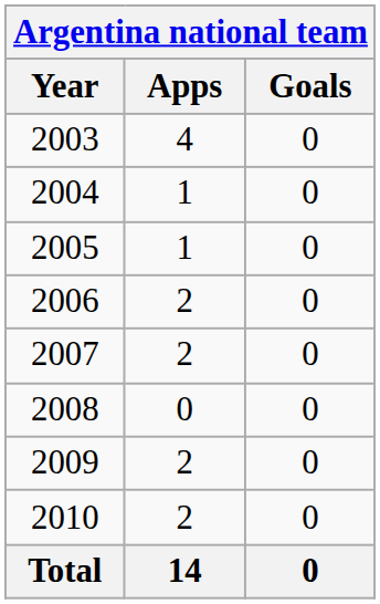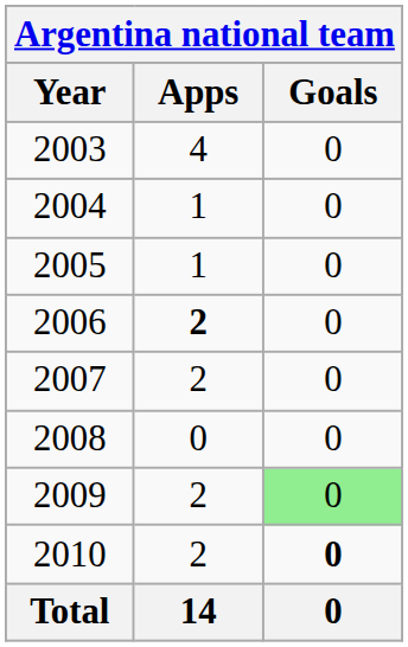 <table class="wikitable" style="text-align:center">
 <tr>
 <th colspan=3><a href='#'>Argentina national team</a></th>
 </tr>
 <tr>
 <th>Year</th>
 <th>Apps</th>
 <th>Goals</th>
 </tr>
 <tr>
 <td>2003</td>
 <td>4</td>
 <td>0</td>
 </tr>
 <tr>
 <td>2004</td>
 <td>1</td>
 <td>0</td>
 </tr>
 <tr>
 <td>2005</td>
 <td>1</td>
 <td>0</td>
 </tr>
 <tr>
 <td>2006</td>
-<td>2</td>
+<td><strong>2</strong></td>
 <td>0</td>
 </tr>
 <tr>
 <td>2007</td>
 <td>2</td>
 <td>0</td>
 </tr>
 <tr>
 <td>2008</td>
 <td>0</td>
 <td>0</td>
 </tr>
 <tr>
 <td>2009</td>
 <td>2</td>
-<td>0</td>
+<td style="background: lightgreen;">0</td>
 </tr>
 <tr>
 <td>2010</td>
 <td>2</td>
-<td>0</td>
+<td><strong>0</strong></td>
 </tr>
 <tr>
 <th>Total</th>
 <th>14</th>
 <th>0</th>
 </tr>
 </table>
